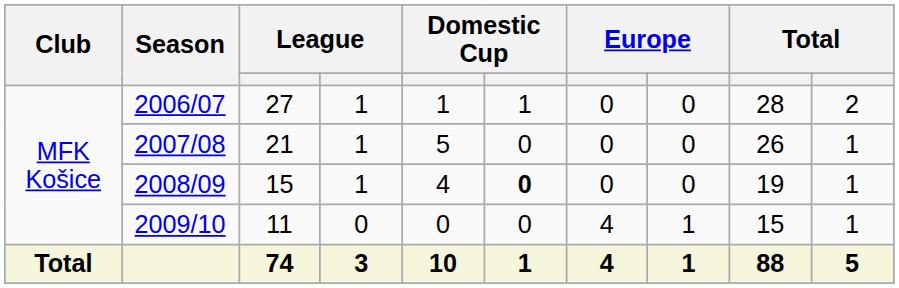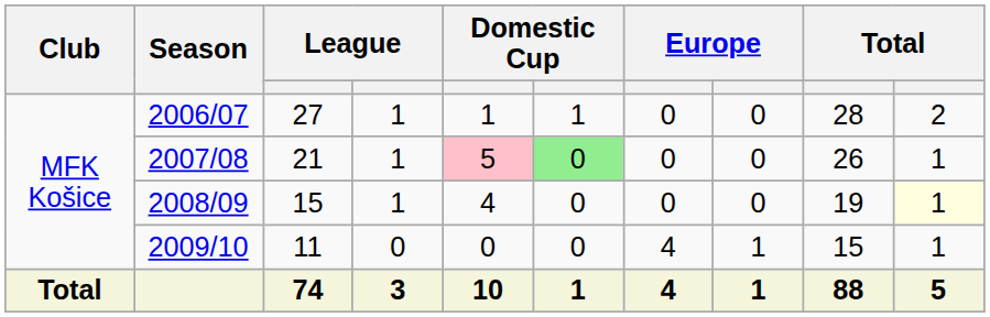 <table class="wikitable" align=center style="font-size:90%; text-align: center;">
 <tr>
 <th width=60 rowspan="2">Club</th>
 <th width=60 rowspan="2">Season</th>
 <th width=80 colspan="2">League</th>
 <th width=80 colspan="2">Domestic Cup</th>
 <th width=80 colspan="2"><a href='#'>Europe</a></th>
 <th width=80 colspan="2">Total</th>
 </tr>
 <tr align=center>
 <th width=40 App></th>
 <th width=40 abbr="Goals for"></th>
 <th width=40 App></th>
 <th width=40 abbr="Goals for"></th>
 <th width=40 App></th>
 <th width=40 abbr="Goals for"></th>
 <th width=40 App></th>
 <th width=40 abbr="Goals for"></th>
 </tr>
 <tr align=center>
 <td rowspan="4" valign=center><a href='#'>MFK Košice</a></td>
 <td><a href='#'>2006/07</a></td>
 <td>27</td>
 <td>1</td>
 <td>1</td>
 <td>1</td>
 <td>0</td>
 <td>0</td>
 <td>28</td>
 <td>2</td>
 </tr>
 <tr align=center>
 <td><a href='#'>2007/08</a></td>
 <td>21</td>
 <td>1</td>
-<td>5</td>
-<td>0</td>
+<td style="background: pink;">5</td>
+<td style="background: lightgreen;">0</td>
 <td>0</td>
 <td>0</td>
 <td>26</td>
 <td>1</td>
 </tr>
 <tr align=center>
 <td><a href='#'>2008/09</a></td>
 <td>15</td>
 <td>1</td>
 <td>4</td>
-<td><strong>0</strong></td>
+<td>0</td>
 <td>0</td>
 <td>0</td>
 <td>19</td>
-<td>1</td>
+<td style="background: lightyellow;">1</td>
 </tr>
 <tr align=center>
 <td><a href='#'>2009/10</a></td>
 <td>11</td>
 <td>0</td>
 <td>0</td>
 <td>0</td>
 <td>4</td>
 <td>1</td>
 <td>15</td>
 <td>1</td>
 </tr>
 <tr align=center>
 <th align=left style="background:beige">Total</th>
 <th align=left style="background:beige"></th>
 <th align=left style="background:beige">74</th>
 <th align=left style="background:beige">3</th>
 <th align=left style="background:beige">10</th>
 <th align=left style="background:beige">1</th>
 <th align=left style="background:beige">4</th>
 <th align=left style="background:beige">1</th>
 <th align=left style="background:beige">88</th>
 <th align=left style="background:beige">5</th>
 </tr>
 </table>
